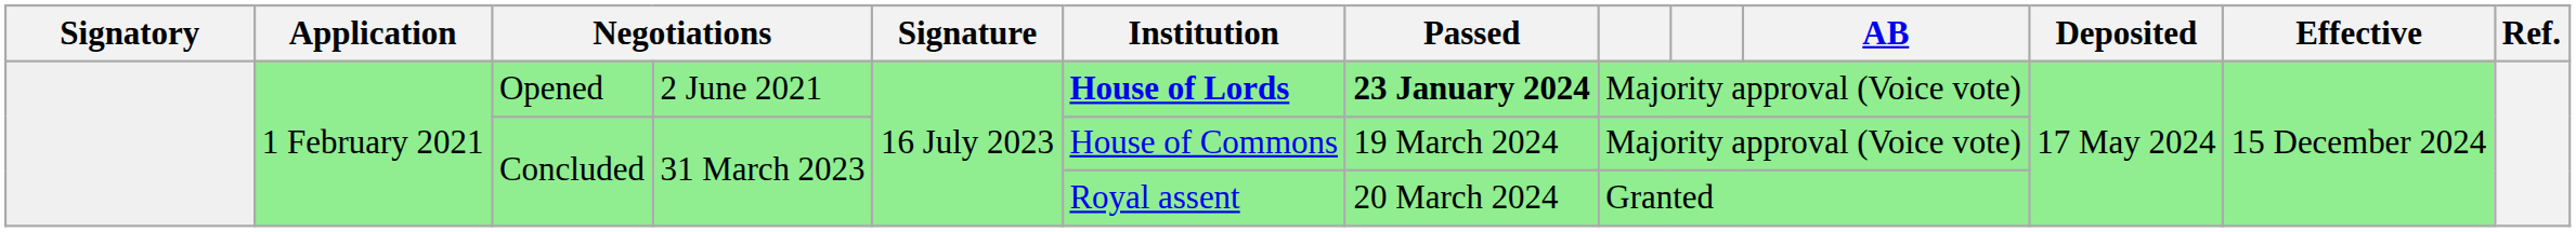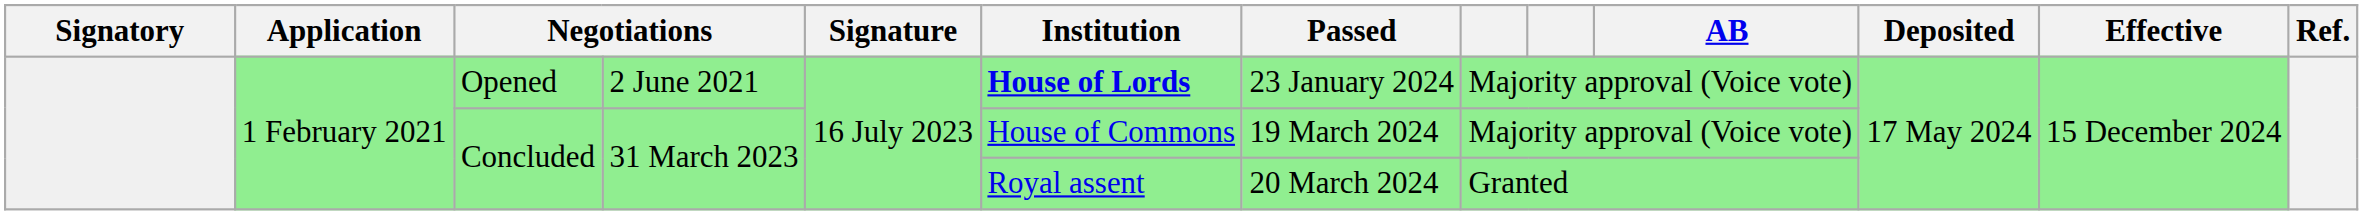 <table class="wikitable" style="font-size:90%; white-space:nowrap">
 <tr>
 <th style="width:100px">Signatory</th>
 <th>Application</th>
 <th colspan="2">Negotiations</th>
 <th>Signature</th>
 <th>Institution</th>
 <th>Passed</th>
 <th></th>
 <th></th>
 <th><a href='#'>AB</a></th>
 <th>Deposited</th>
 <th>Effective</th>
 <th>Ref.</th>
 </tr>
 <tr>
 <td rowspan="3" style="background:#F0F0F0"><strong></strong></td>
 <td rowspan="3" style="background:lightgreen">1 February 2021</td>
 <td style="background:lightgreen">Opened</td>
 <td style="background:lightgreen">2 June 2021</td>
 <td rowspan="3" style="background:lightgreen">16 July 2023</td>
 <td style="background:lightgreen"><strong><a href='#'>House of Lords</a></strong></td>
-<td style="text-align:center; background:lightgreen"><strong>23 January 2024</strong></td>
+<td style="text-align:center; background:lightgreen">23 January 2024</td>
 <td colspan="3" style="text-align:center; background:lightgreen">Majority approval (Voice vote)</td>
 <td rowspan="3" style="text-align:center;background:lightgreen">17 May 2024</td>
 <td rowspan="3" style="background:lightgreen" ;>15 December 2024</td>
 <th rowspan="3"><br></th>
 </tr>
 <tr>
 <td rowspan="2" style="background:lightgreen">Concluded</td>
 <td rowspan="2" style="background:lightgreen">31 March 2023</td>
 <td style="background:lightgreen"><a href='#'>House of Commons</a></td>
 <td style="background:lightgreen">19 March 2024</td>
 <td colspan="3" style="background:lightgreen">Majority approval (Voice vote)</td>
 </tr>
 <tr>
 <td style="background:lightgreen"><a href='#'>Royal assent</a></td>
 <td style="background:lightgreen">20 March 2024</td>
 <td colspan="3" style="background:lightgreen">Granted</td>
 </tr>
 </table>
